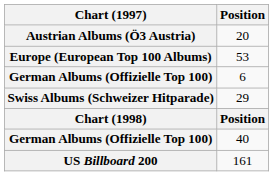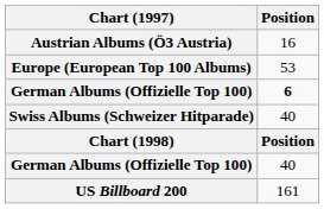 <table class="wikitable plainrowheaders" style="text-align:center;">
 <tr>
 <th scope="col">Chart (1997)</th>
 <th scope="col">Position</th>
 </tr>
 <tr>
 <th scope="row">Austrian Albums (Ö3 Austria)</th>
-<td>20</td>
+<td>16</td>
 </tr>
 <tr>
 <th scope="row">Europe (European Top 100 Albums)</th>
 <td>53</td>
 </tr>
 <tr>
 <th scope="row">German Albums (Offizielle Top 100)</th>
-<td>6</td>
+<td><strong>6</strong></td>
 </tr>
 <tr>
 <th scope="row">Swiss Albums (Schweizer Hitparade)</th>
-<td>29</td>
+<td>40</td>
 </tr>
 <tr>
 <th scope="col">Chart (1998)</th>
 <th scope="col">Position</th>
 </tr>
 <tr>
 <th scope="row">German Albums (Offizielle Top 100)</th>
 <td>40</td>
 </tr>
 <tr>
 <th scope="row">US <em>Billboard</em> 200</th>
 <td>161</td>
 </tr>
 </table>
